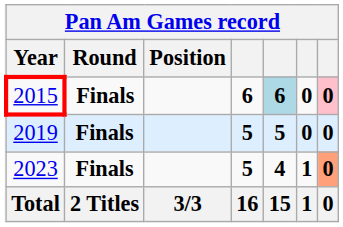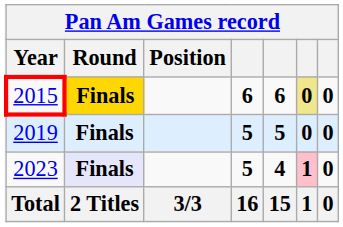 <table class="wikitable" style="text-align: center;">
 <tr>
 <th colspan="10"><a href='#'>Pan Am Games record</a></th>
 </tr>
 <tr>
 <th>Year</th>
 <th>Round</th>
 <th>Position</th>
 <th></th>
 <th></th>
 <th></th>
 <th></th>
 </tr>
 <tr>
 <td style="border: 3px solid red"> <a href='#'>2015</a></td>
-<td><strong>Finals</strong></td>
+<td style="background: gold;"><strong>Finals</strong></td>
 <td><strong></strong></td>
 <td><strong>6</strong></td>
-<td style="background: lightblue;"><strong>6</strong></td>
+<td><strong>6</strong></td>
+<td style="background: khaki;"><strong>0</strong></td>
 <td><strong>0</strong></td>
-<td style="background: pink;"><strong>0</strong></td>
 </tr>
 <tr bgcolor="#ddeeff">
 <td> <a href='#'>2019</a></td>
 <td><strong>Finals</strong></td>
 <td><strong></strong></td>
 <td><strong>5</strong></td>
 <td><strong>5</strong></td>
 <td><strong>0</strong></td>
 <td><strong>0</strong></td>
 </tr>
 <tr>
 <td> <a href='#'>2023</a></td>
-<td><strong>Finals</strong></td>
+<td style="background: lavender;"><strong>Finals</strong></td>
 <td><strong></strong></td>
 <td><strong>5</strong></td>
 <td><strong>4</strong></td>
-<td><strong>1</strong></td>
-<td style="background: lightsalmon;"><strong>0</strong></td>
+<td style="background: pink;"><strong>1</strong></td>
+<td><strong>0</strong></td>
 </tr>
 <tr>
 <th>Total</th>
 <th>2 Titles</th>
 <th>3/3</th>
 <th>16</th>
 <th>15</th>
 <th>1</th>
 <th>0</th>
 </tr>
 </table>
